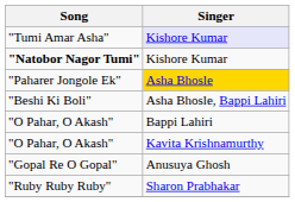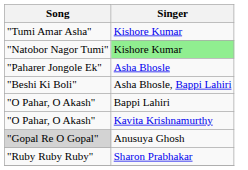 <table class="wikitable" style="font-size:92%;">
 <tr>
 <th>Song</th>
 <th>Singer</th>
 </tr>
 <tr>
 <td>"Tumi Amar Asha"</td>
-<td style="background: lavender;"><a href='#'>Kishore Kumar</a></td>
+<td><a href='#'>Kishore Kumar</a></td>
 </tr>
 <tr>
-<td><strong>"Natobor Nagor Tumi"</strong></td>
-<td>Kishore Kumar</td>
+<td>"Natobor Nagor Tumi"</td>
+<td style="background: lightgreen;">Kishore Kumar</td>
 </tr>
 <tr>
 <td>"Paharer Jongole Ek"</td>
-<td style="background: gold;"><a href='#'>Asha Bhosle</a></td>
+<td><a href='#'>Asha Bhosle</a></td>
 </tr>
 <tr>
 <td>"Beshi Ki Boli"</td>
 <td>Asha Bhosle, <a href='#'>Bappi Lahiri</a></td>
 </tr>
 <tr>
 <td>"O Pahar, O Akash"</td>
 <td>Bappi Lahiri</td>
 </tr>
 <tr>
 <td>"O Pahar, O Akash"</td>
 <td><a href='#'>Kavita Krishnamurthy</a></td>
 </tr>
 <tr>
-<td>"Gopal Re O Gopal"</td>
+<td style="background: lightgrey;">"Gopal Re O Gopal"</td>
 <td>Anusuya Ghosh</td>
 </tr>
 <tr>
 <td>"Ruby Ruby Ruby"</td>
 <td><a href='#'>Sharon Prabhakar</a></td>
 </tr>
 <tr>
 </tr>
 </table>
